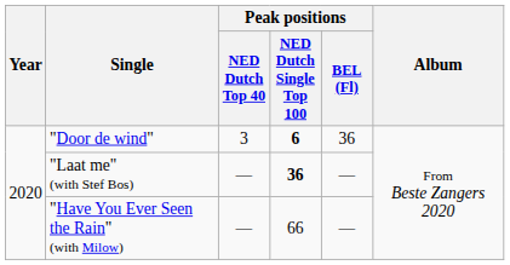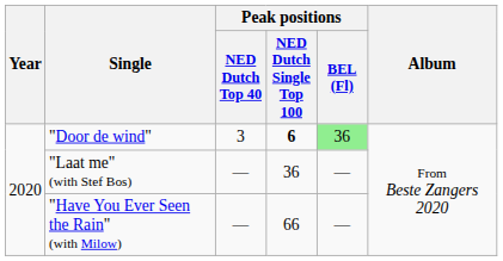 <table class="wikitable">
 <tr>
 <th rowspan="2" style="text-align:center; width:10px;">Year</th>
 <th rowspan="2" style="text-align:center; width:160px;">Single</th>
 <th colspan="3" style="text-align:center; width:20px;">Peak positions</th>
 <th rowspan="2" style="text-align:center; width:120px;">Album</th>
 </tr>
 <tr>
 <th scope="col" style="width:3em;font-size:90%;"><a href='#'>NED<br>Dutch<br>Top 40</a><br></th>
 <th scope="col" style="width:3em;font-size:90%;"><a href='#'>NED<br>Dutch<br>Single Top 100</a><br></th>
 <th scope="col" style="width:3em;font-size:90%;"><a href='#'>BEL<br>(Fl)</a><br></th>
 </tr>
 <tr>
 <td style="text-align:center;" rowspan=3>2020</td>
 <td>"<a href='#'>Door de wind</a>"</td>
 <td style="text-align:center;">3</td>
 <td style="text-align:center;"><strong>6</strong></td>
-<td style="text-align:center;">36</td>
+<td style="background: lightgreen; text-align:center;">36</td>
 <td style="text-align:center;" rowspan=3><small>From</small><br> <em>Beste Zangers 2020</em></td>
 </tr>
 <tr>
 <td>"Laat me"<br><small>(with Stef Bos)</small></td>
 <td style="text-align:center;">—</td>
-<td style="text-align:center;"><strong>36</strong></td>
+<td style="text-align:center;">36</td>
 <td style="text-align:center;">—</td>
 </tr>
 <tr>
 <td>"<a href='#'>Have You Ever Seen the Rain</a>"<br><small>(with <a href='#'>Milow</a>)</small></td>
 <td style="text-align:center;">—</td>
 <td style="text-align:center;">66</td>
 <td style="text-align:center;">—</td>
 </tr>
 </table>
